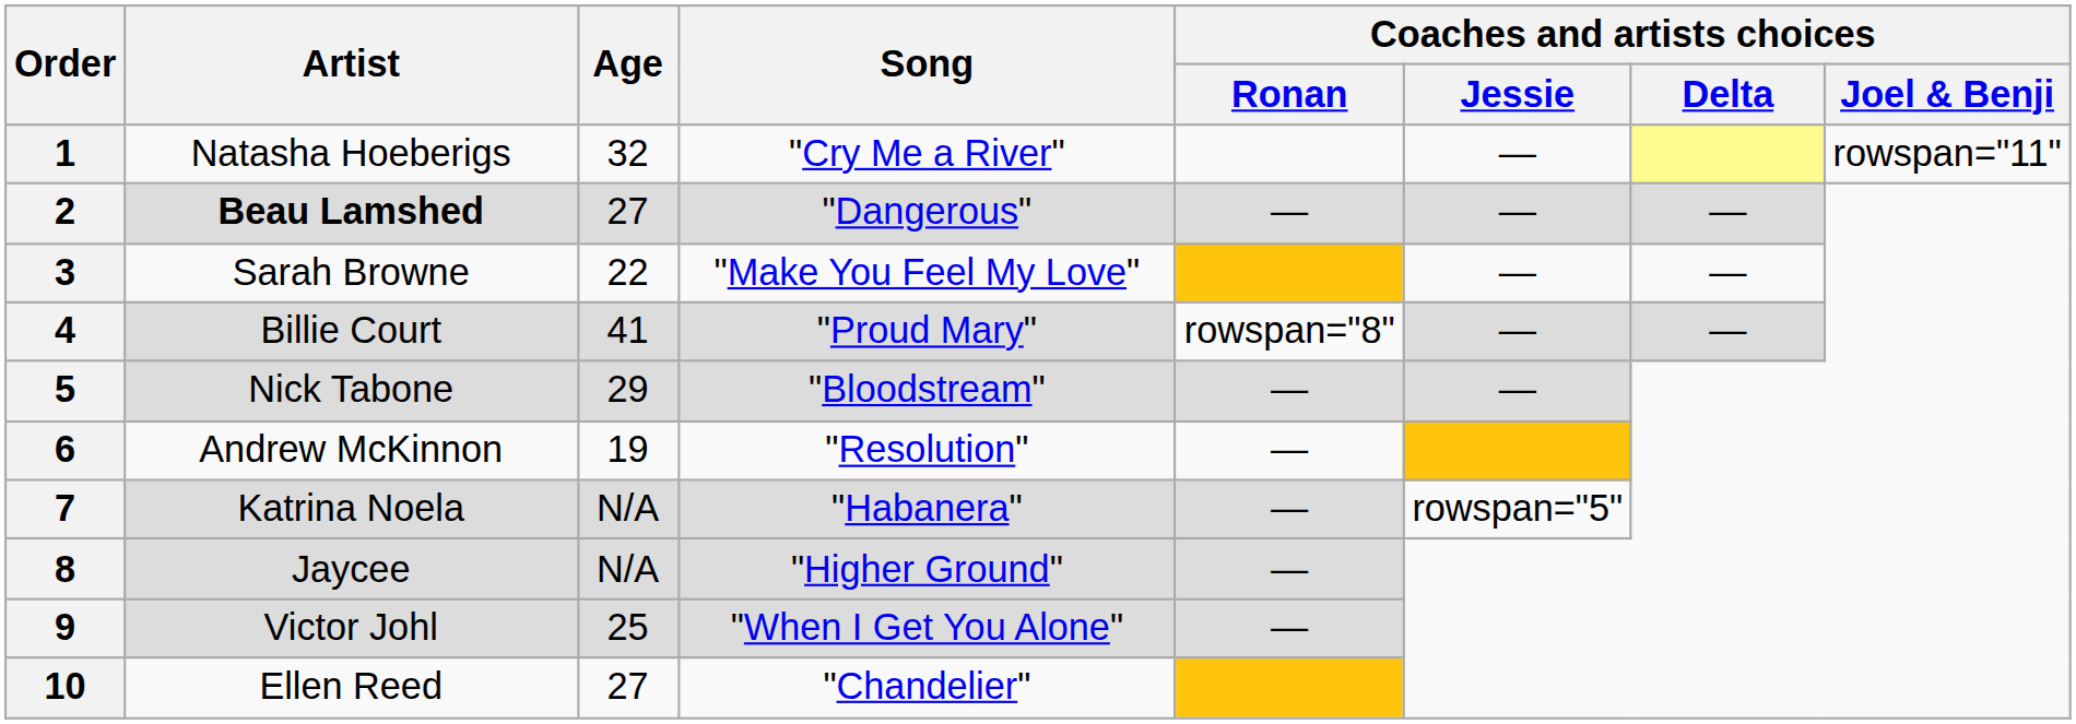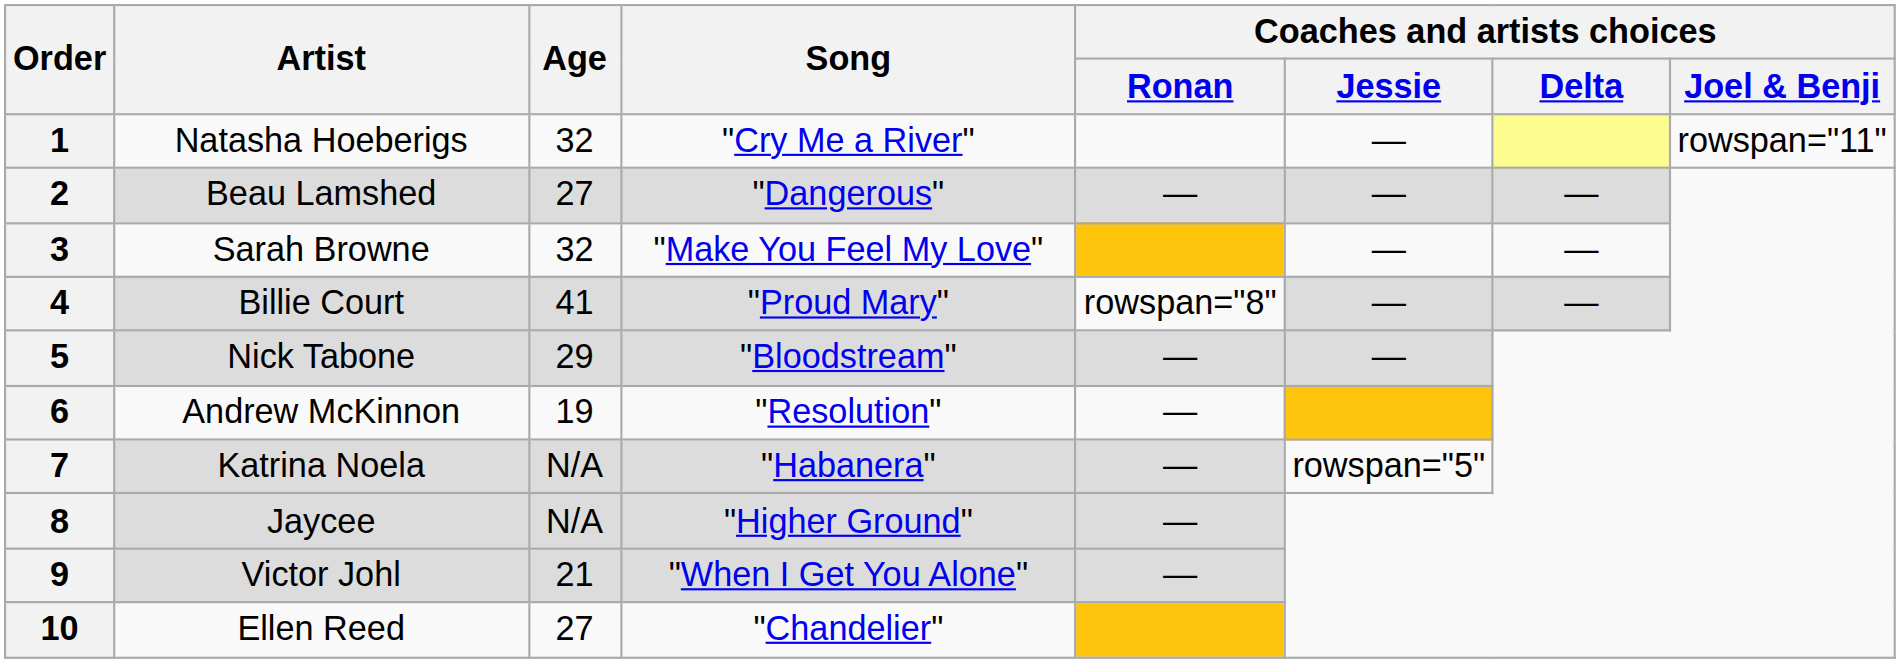 <table class="wikitable" style="text-align:center; width:100%;">
 <tr>
 <th scope="col" rowspan="2" style="width:05%;">Order</th>
 <th scope="col" rowspan="2" style="width:24%;">Artist</th>
 <th scope="col" rowspan="2" style="width:05%;">Age</th>
 <th scope="col" rowspan="2" style="width:26%;">Song</th>
 <th colspan="4" style="width:40%;">Coaches and artists choices</th>
 </tr>
 <tr>
 <th style="width:10%;"><a href='#'>Ronan</a></th>
 <th style="width:10%;"><a href='#'>Jessie</a></th>
 <th style="width:10%;"><a href='#'>Delta</a></th>
 <th style="width:10%;"><a href='#'>Joel & Benji</a></th>
 </tr>
 <tr>
 <th>1</th>
 <td>Natasha Hoeberigs</td>
 <td>32</td>
 <td>"<a href='#'>Cry Me a River</a>"</td>
 <td> <strong></strong> </td>
 <td>—</td>
 <td style="background:#FDFC8F;"><strong>  </strong></td>
 <td>rowspan="11" </td>
 </tr>
 <tr>
 <th>2</th>
-<td style="background-color:#DCDCDC;"><strong>Beau Lamshed</strong></td>
+<td style="background-color:#DCDCDC;">Beau Lamshed</td>
 <td style="background-color:#DCDCDC;">27</td>
 <td style="background-color:#DCDCDC;">"<a href='#'>Dangerous</a>"</td>
 <td style="background-color:#DCDCDC;">—</td>
 <td style="background-color:#DCDCDC;">—</td>
 <td style="background-color:#DCDCDC;">—</td>
 </tr>
 <tr>
 <th>3</th>
 <td>Sarah Browne</td>
-<td>22</td>
+<td>32</td>
 <td>"<a href='#'>Make You Feel My Love</a>"</td>
 <td style="background:#FFC40C"> <strong></strong> </td>
 <td>—</td>
 <td>—</td>
 </tr>
 <tr>
 <th>4</th>
 <td style="background-color:#DCDCDC;">Billie Court</td>
 <td style="background-color:#DCDCDC;">41</td>
 <td style="background-color:#DCDCDC;">"<a href='#'>Proud Mary</a>"</td>
 <td>rowspan="8" </td>
 <td style="background-color:#DCDCDC;">—</td>
 <td style="background-color:#DCDCDC;">—</td>
 </tr>
 <tr>
 <th>5</th>
 <td style="background-color:#DCDCDC;">Nick Tabone</td>
 <td style="background-color:#DCDCDC;">29</td>
 <td style="background-color:#DCDCDC;">"<a href='#'>Bloodstream</a>"</td>
 <td style="background-color:#DCDCDC;">—</td>
 <td style="background-color:#DCDCDC;">—</td>
 </tr>
 <tr>
 <th>6</th>
 <td>Andrew McKinnon</td>
 <td>19</td>
 <td>"<a href='#'>Resolution</a>"</td>
 <td>—</td>
 <td style="background:#FFC40C"> <strong></strong> </td>
 </tr>
 <tr>
 <th>7</th>
 <td style="background-color:#DCDCDC;">Katrina Noela</td>
 <td style="background-color:#DCDCDC;">N/A</td>
 <td style="background-color:#DCDCDC;">"<a href='#'>Habanera</a>"</td>
 <td style="background-color:#DCDCDC;">—</td>
 <td>rowspan="5" </td>
 </tr>
 <tr>
 <th>8</th>
 <td style="background-color:#DCDCDC;">Jaycee</td>
 <td style="background-color:#DCDCDC;">N/A</td>
 <td style="background-color:#DCDCDC;">"<a href='#'>Higher Ground</a>"</td>
 <td style="background-color:#DCDCDC;">—</td>
 </tr>
 <tr>
 <th>9</th>
 <td style="background-color:#DCDCDC;">Victor Johl</td>
-<td style="background-color:#DCDCDC;">25</td>
+<td style="background-color:#DCDCDC;">21</td>
 <td style="background-color:#DCDCDC;">"<a href='#'>When I Get You Alone</a>"</td>
 <td style="background-color:#DCDCDC;">—</td>
 </tr>
 <tr>
 <th>10</th>
 <td>Ellen Reed</td>
 <td>27</td>
 <td>"<a href='#'>Chandelier</a>"</td>
 <td style="background:#FFC40C"> <strong></strong> </td>
 </tr>
 </table>
